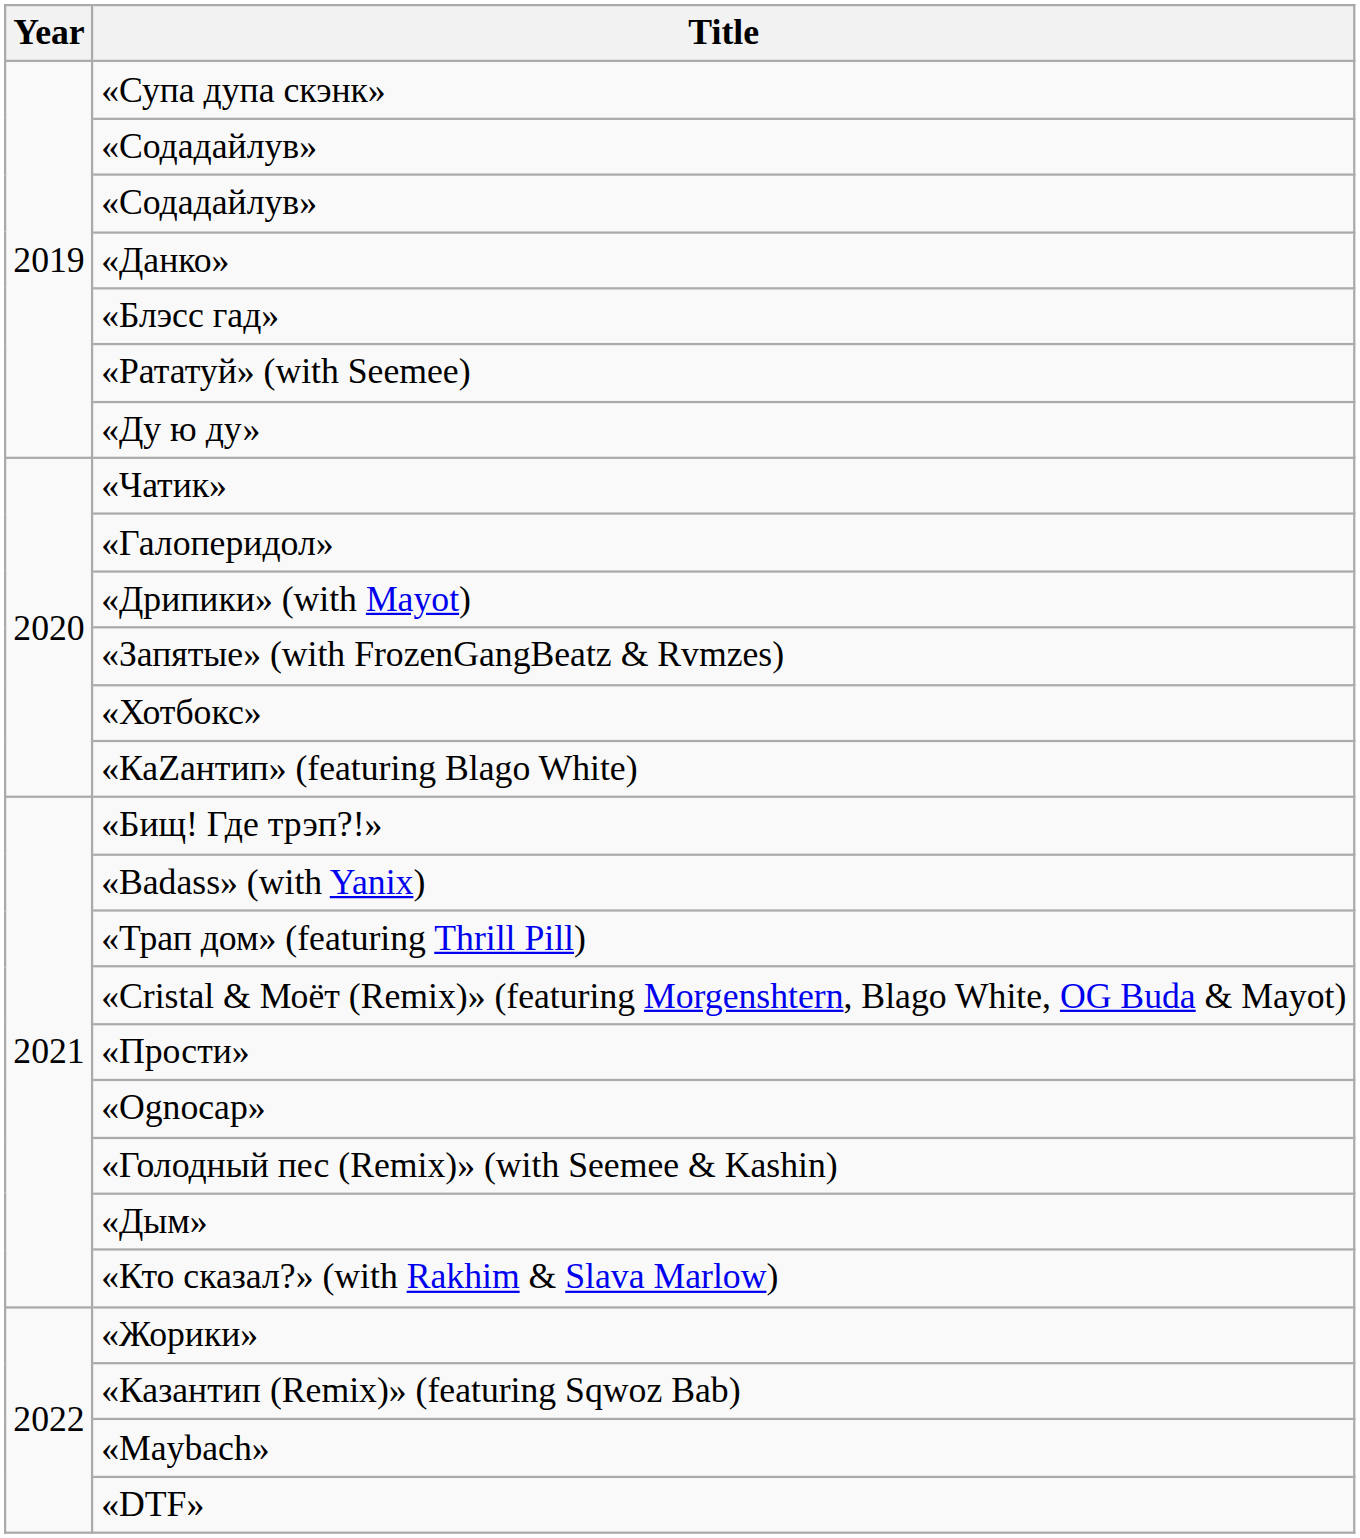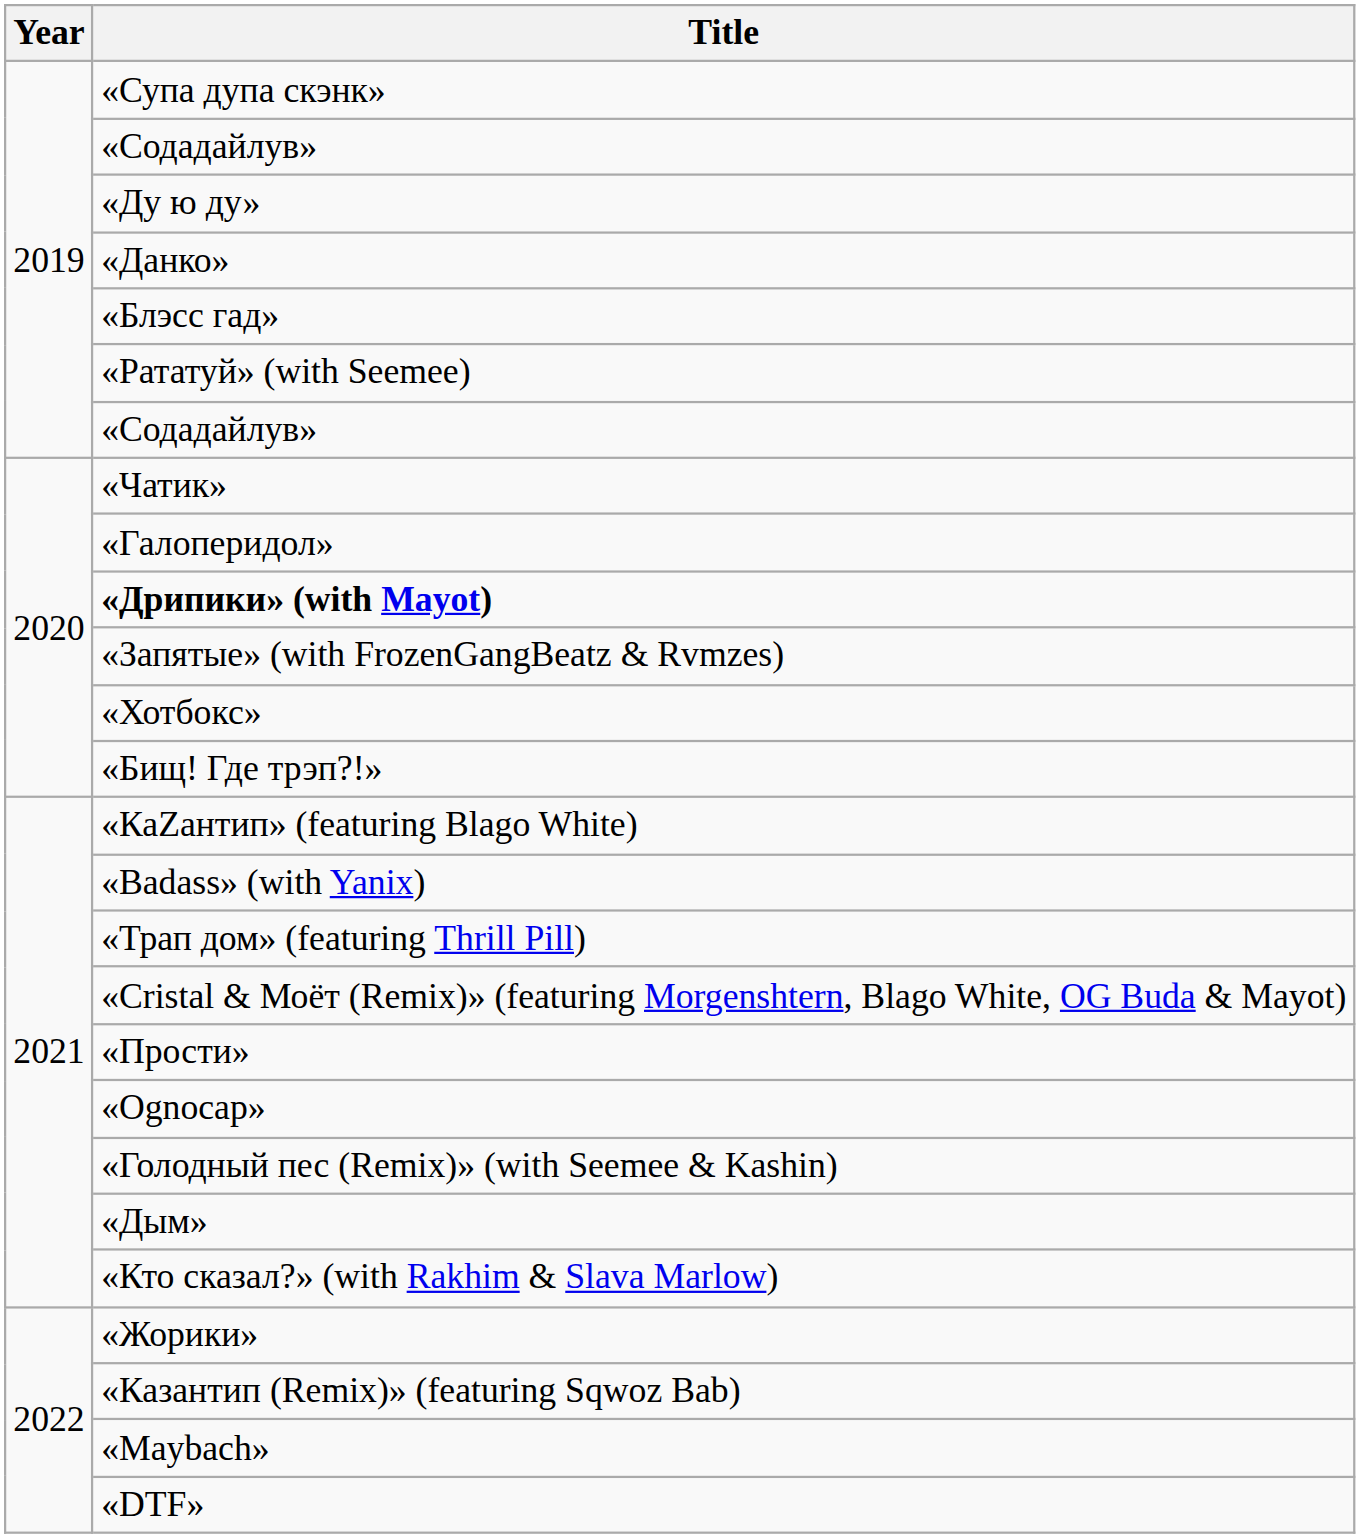 <table class="wikitable">
 <tr>
 <th>Year</th>
 <th>Title</th>
 </tr>
 <tr>
 <td rowspan="7">2019</td>
 <td>«Супа дупа скэнк»</td>
 </tr>
 <tr>
 <td>«Содадайлув»</td>
 </tr>
 <tr>
-<td>«Содадайлув»</td>
+<td>«Ду ю ду»</td>
 </tr>
 <tr>
 <td>«Данко»</td>
 </tr>
 <tr>
 <td>«Блэсс гад»</td>
 </tr>
 <tr>
 <td>«Рататуй» (with Seemee)</td>
 </tr>
 <tr>
-<td>«Ду ю ду»</td>
+<td>«Содадайлув»</td>
 </tr>
 <tr>
 <td rowspan="6">2020</td>
 <td>«Чатик»</td>
 </tr>
 <tr>
 <td>«Галоперидол»</td>
 </tr>
 <tr>
-<td>«Дрипики» (with <a href='#'>Mayot</a>)</td>
+<td><strong>«Дрипики» (with <a href='#'>Mayot</a>)</strong></td>
 </tr>
 <tr>
 <td>«Запятые» (with FrozenGangBeatz & Rvmzes)</td>
 </tr>
 <tr>
 <td>«Хотбокс»</td>
 </tr>
 <tr>
-<td>«КаZантип» (featuring Blago White)</td>
+<td>«Бищ! Где трэп?!»</td>
 </tr>
 <tr>
 <td rowspan="9">2021</td>
-<td>«Бищ! Где трэп?!»</td>
+<td>«КаZантип» (featuring Blago White)</td>
 </tr>
 <tr>
 <td>«Badass» (with <a href='#'>Yanix</a>)</td>
 </tr>
 <tr>
 <td>«Трап дом» (featuring <a href='#'>Thrill Pill</a>)</td>
 </tr>
 <tr>
 <td>«Cristal &amp; Моёт (Remix)» (featuring <a href='#'>Morgenshtern</a>, Blago White, <a href='#'>OG Buda</a> & Mayot)</td>
 </tr>
 <tr>
 <td>«Прости»</td>
 </tr>
 <tr>
 <td>«Ognocap»</td>
 </tr>
 <tr>
 <td>«Голодный пес (Remix)» (with Seemee & Kashin)</td>
 </tr>
 <tr>
 <td>«Дым»</td>
 </tr>
 <tr>
 <td>«Кто сказал?» (with <a href='#'>Rakhim</a> & <a href='#'>Slava Marlow</a>)</td>
 </tr>
 <tr>
 <td rowspan="4">2022</td>
 <td>«Жорики»</td>
 </tr>
 <tr>
 <td>«Казантип (Remix)» (featuring Sqwoz Bab)</td>
 </tr>
 <tr>
 <td>«Maybach»</td>
 </tr>
 <tr>
 <td>«DTF»</td>
 </tr>
 </table>
